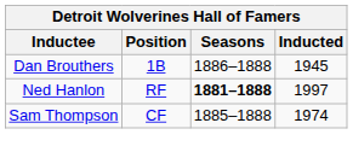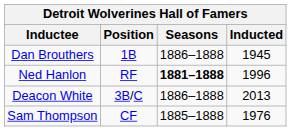 <table class="wikitable" style="text-align:center">
 <tr>
 <th colspan=4>Detroit Wolverines Hall of Famers</th>
 </tr>
 <tr>
 <th>Inductee</th>
 <th>Position</th>
 <th>Seasons</th>
 <th>Inducted</th>
 </tr>
 <tr>
 <td><a href='#'>Dan Brouthers</a></td>
 <td><a href='#'>1B</a></td>
 <td>1886–1888</td>
 <td>1945</td>
 </tr>
 <tr>
 <td><a href='#'>Ned Hanlon</a></td>
 <td><a href='#'>RF</a></td>
 <td><strong>1881–1888</strong></td>
-<td>1997</td>
+<td>1996</td>
+</tr>
+<tr>
+<td><a href='#'>Deacon White</a></td>
+<td><a href='#'>3B</a>/<a href='#'>C</a></td>
+<td>1886–1888</td>
+<td>2013</td>
 </tr>
 <tr>
 <td><a href='#'>Sam Thompson</a></td>
 <td><a href='#'>CF</a></td>
 <td>1885–1888</td>
-<td>1974</td>
+<td>1976</td>
 </tr>
 </table>
